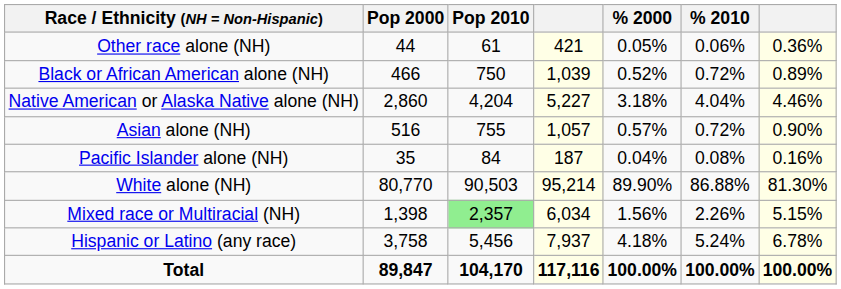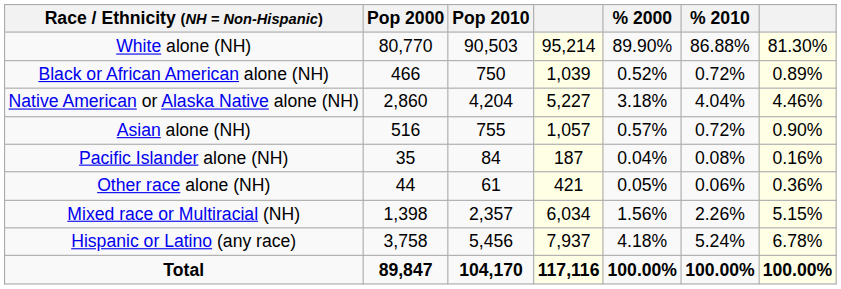 <table class="wikitable" style="text-align:center;">
 <tr>
 <th>Race / Ethnicity <small>(<em>NH = Non-Hispanic</em>)</small></th>
 <th>Pop 2000</th>
 <th>Pop 2010</th>
 <th></th>
 <th>% 2000</th>
 <th>% 2010</th>
 <th></th>
 </tr>
 <tr>
-<td><a href='#'>Other race</a> alone (NH)</td>
-<td>44</td>
-<td>61</td>
-<td style='background: #ffffe6;'>421</td>
-<td>0.05%</td>
-<td>0.06%</td>
-<td style='background: #ffffe6;'>0.36%</td>
+<td><a href='#'>White</a> alone (NH)</td>
+<td>80,770</td>
+<td>90,503</td>
+<td style='background: #ffffe6;'>95,214</td>
+<td>89.90%</td>
+<td>86.88%</td>
+<td style='background: #ffffe6;'>81.30%</td>
 </tr>
 <tr>
 <td><a href='#'>Black or African American</a> alone (NH)</td>
 <td>466</td>
 <td>750</td>
 <td style='background: #ffffe6;'>1,039</td>
 <td>0.52%</td>
 <td>0.72%</td>
 <td style='background: #ffffe6;'>0.89%</td>
 </tr>
 <tr>
 <td><a href='#'>Native American</a> or <a href='#'>Alaska Native</a> alone (NH)</td>
 <td>2,860</td>
 <td>4,204</td>
 <td style='background: #ffffe6;'>5,227</td>
 <td>3.18%</td>
 <td>4.04%</td>
 <td style='background: #ffffe6;'>4.46%</td>
 </tr>
 <tr>
 <td><a href='#'>Asian</a> alone (NH)</td>
 <td>516</td>
 <td>755</td>
 <td style='background: #ffffe6;'>1,057</td>
 <td>0.57%</td>
 <td>0.72%</td>
 <td style='background: #ffffe6;'>0.90%</td>
 </tr>
 <tr>
 <td><a href='#'>Pacific Islander</a> alone (NH)</td>
 <td>35</td>
 <td>84</td>
 <td style='background: #ffffe6;'>187</td>
 <td>0.04%</td>
 <td>0.08%</td>
 <td style='background: #ffffe6;'>0.16%</td>
 </tr>
 <tr>
-<td><a href='#'>White</a> alone (NH)</td>
-<td>80,770</td>
-<td>90,503</td>
-<td style='background: #ffffe6;'>95,214</td>
-<td>89.90%</td>
-<td>86.88%</td>
-<td style='background: #ffffe6;'>81.30%</td>
+<td><a href='#'>Other race</a> alone (NH)</td>
+<td>44</td>
+<td>61</td>
+<td style='background: #ffffe6;'>421</td>
+<td>0.05%</td>
+<td>0.06%</td>
+<td style='background: #ffffe6;'>0.36%</td>
 </tr>
 <tr>
 <td><a href='#'>Mixed race or Multiracial</a> (NH)</td>
 <td>1,398</td>
-<td style="background: lightgreen;">2,357</td>
+<td>2,357</td>
 <td style='background: #ffffe6;'>6,034</td>
 <td>1.56%</td>
 <td>2.26%</td>
 <td style='background: #ffffe6;'>5.15%</td>
 </tr>
 <tr>
 <td><a href='#'>Hispanic or Latino</a> (any race)</td>
 <td>3,758</td>
 <td>5,456</td>
 <td style='background: #ffffe6;'>7,937</td>
 <td>4.18%</td>
 <td>5.24%</td>
 <td style='background: #ffffe6;'>6.78%</td>
 </tr>
 <tr>
 <td><strong>Total</strong></td>
 <td><strong>89,847</strong></td>
 <td><strong>104,170</strong></td>
 <td style='background: #ffffe6;'><strong>117,116</strong></td>
 <td><strong>100.00%</strong></td>
 <td><strong>100.00%</strong></td>
 <td style='background: #ffffe6;'><strong>100.00%</strong></td>
 </tr>
 </table>
